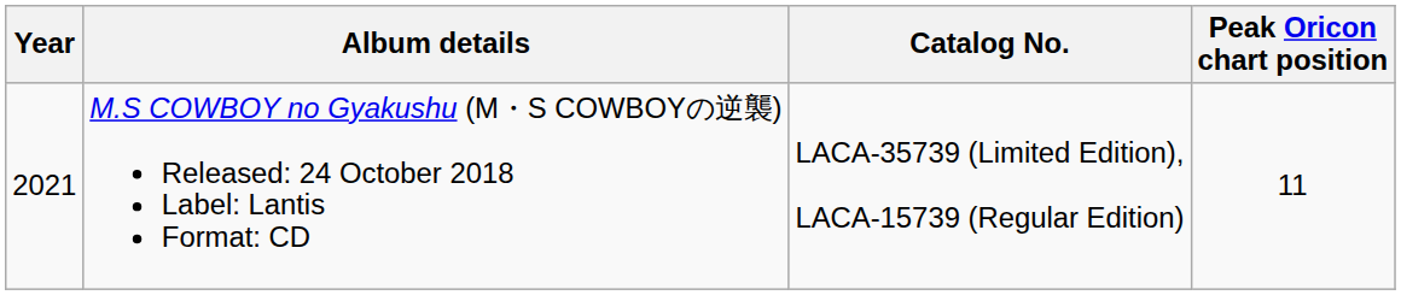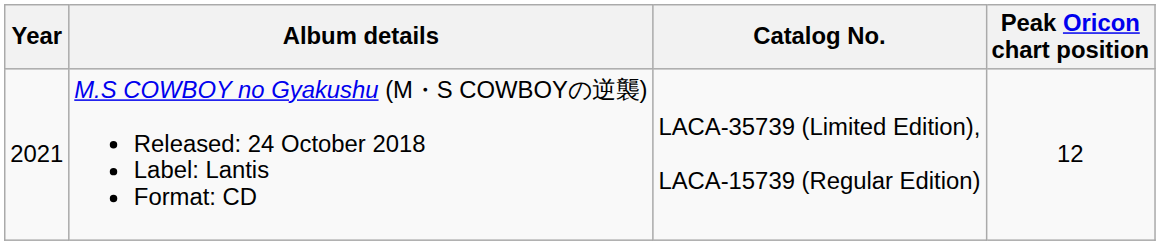 <table class="wikitable">
 <tr>
 <th>Year</th>
 <th>Album details</th>
 <th>Catalog No.</th>
 <th>Peak <a href='#'>Oricon</a><br> chart position</th>
 </tr>
 <tr>
 <td>2021</td>
 <td align="left"><em><a href='#'>M.S COWBOY no Gyakushu</a></em> (M・S COWBOYの逆襲)<br><ul><li>Released: 24 October 2018</li><li>Label: Lantis</li><li>Format: CD</li></ul></td>
 <td>LACA-35739 (Limited Edition),<br><br>LACA-15739 (Regular Edition)</td>
-<td align="center">11</td>
+<td align="center">12</td>
 </tr>
 </table>
